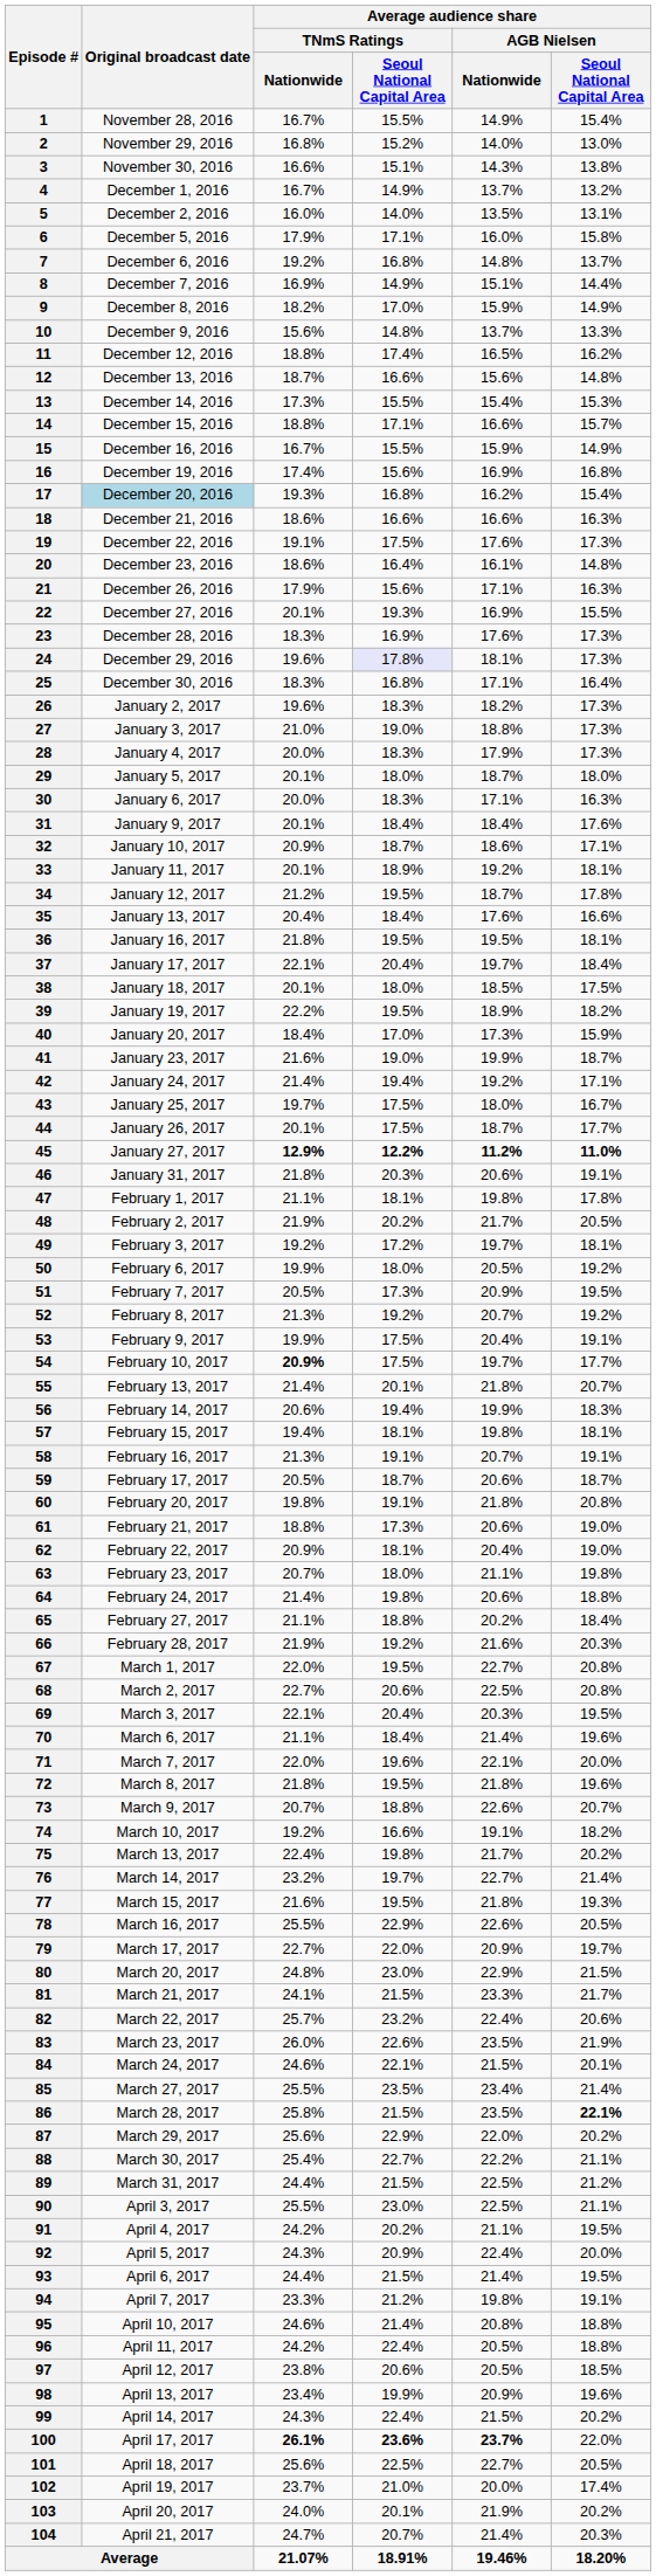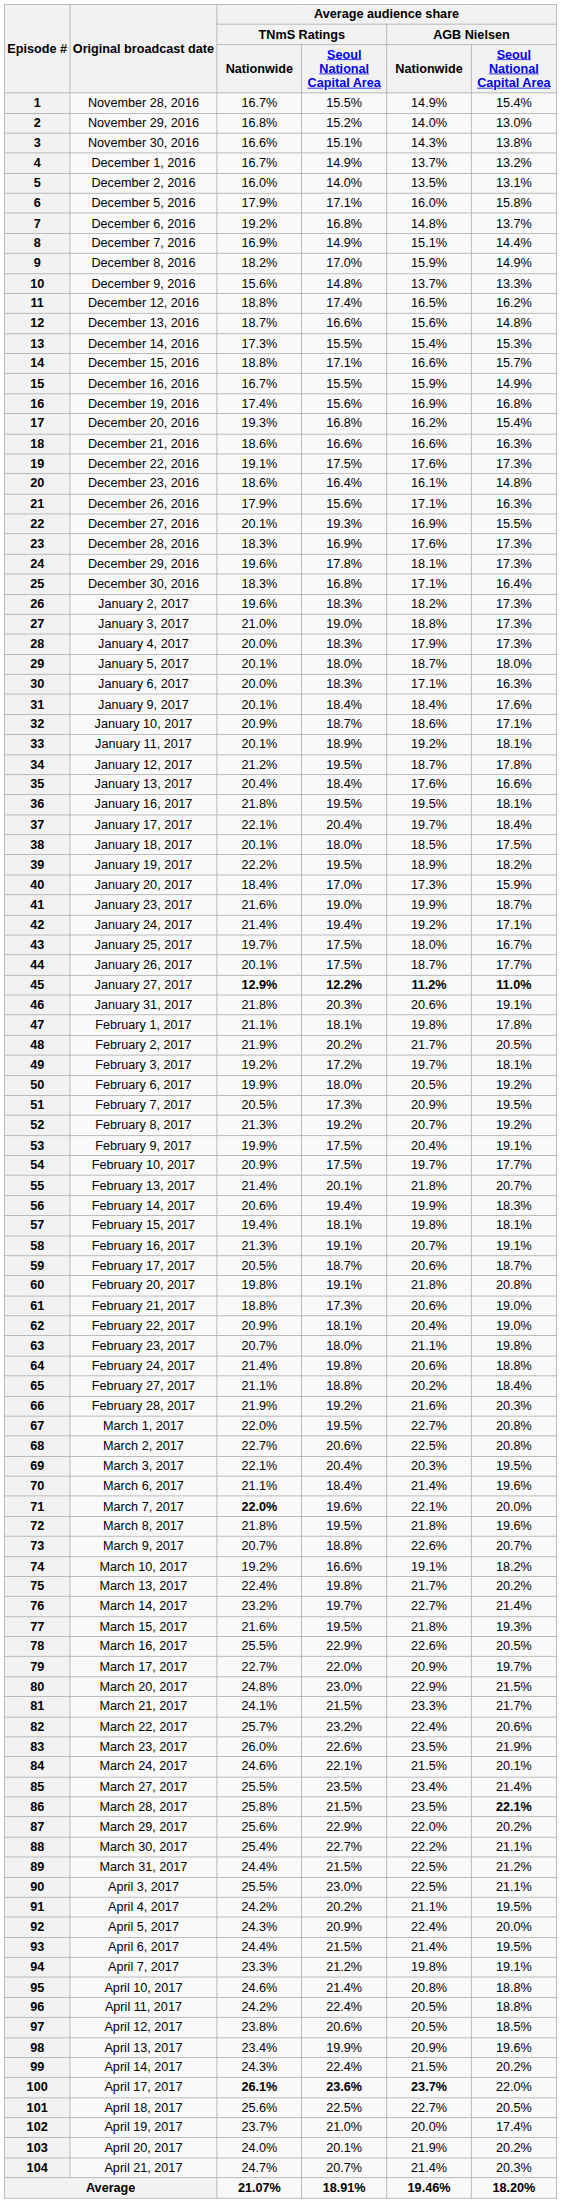 <table class="wikitable" style="text-align:center">
 <tr>
 <th rowspan="3">Episode #</th>
 <th rowspan="3">Original broadcast date</th>
 <th colspan="4">Average audience share</th>
 </tr>
 <tr>
 <th colspan="2">TNmS Ratings</th>
 <th colspan="2">AGB Nielsen</th>
 </tr>
 <tr>
 <th width=100>Nationwide</th>
 <th width=100><a href='#'>Seoul National Capital Area</a></th>
 <th width=100>Nationwide</th>
 <th width=100><a href='#'>Seoul National Capital Area</a></th>
 </tr>
 <tr>
 <th>1</th>
 <td>November 28, 2016</td>
 <td>16.7%</td>
 <td>15.5%</td>
 <td>14.9%</td>
 <td>15.4%</td>
 </tr>
 <tr>
 <th>2</th>
 <td>November 29, 2016</td>
 <td>16.8%</td>
 <td>15.2%</td>
 <td>14.0%</td>
 <td>13.0%</td>
 </tr>
 <tr>
 <th>3</th>
 <td>November 30, 2016</td>
 <td>16.6%</td>
 <td>15.1%</td>
 <td>14.3%</td>
 <td>13.8%</td>
 </tr>
 <tr>
 <th>4</th>
 <td>December 1, 2016</td>
 <td>16.7%</td>
 <td>14.9%</td>
 <td>13.7%</td>
 <td>13.2%</td>
 </tr>
 <tr>
 <th>5</th>
 <td>December 2, 2016</td>
 <td>16.0%</td>
 <td>14.0%</td>
 <td>13.5%</td>
 <td>13.1%</td>
 </tr>
 <tr>
 <th>6</th>
 <td>December 5, 2016</td>
 <td>17.9%</td>
 <td>17.1%</td>
 <td>16.0%</td>
 <td>15.8%</td>
 </tr>
 <tr>
 <th>7</th>
 <td>December 6, 2016</td>
 <td>19.2%</td>
 <td>16.8%</td>
 <td>14.8%</td>
 <td>13.7%</td>
 </tr>
 <tr>
 <th>8</th>
 <td>December 7, 2016</td>
 <td>16.9%</td>
 <td>14.9%</td>
 <td>15.1%</td>
 <td>14.4%</td>
 </tr>
 <tr>
 <th>9</th>
 <td>December 8, 2016</td>
 <td>18.2%</td>
 <td>17.0%</td>
 <td>15.9%</td>
 <td>14.9%</td>
 </tr>
 <tr>
 <th>10</th>
 <td>December 9, 2016</td>
 <td>15.6%</td>
 <td>14.8%</td>
 <td>13.7%</td>
 <td>13.3%</td>
 </tr>
 <tr>
 <th>11</th>
 <td>December 12, 2016</td>
 <td>18.8%</td>
 <td>17.4%</td>
 <td>16.5%</td>
 <td>16.2%</td>
 </tr>
 <tr>
 <th>12</th>
 <td>December 13, 2016</td>
 <td>18.7%</td>
 <td>16.6%</td>
 <td>15.6%</td>
 <td>14.8%</td>
 </tr>
 <tr>
 <th>13</th>
 <td>December 14, 2016</td>
 <td>17.3%</td>
 <td>15.5%</td>
 <td>15.4%</td>
 <td>15.3%</td>
 </tr>
 <tr>
 <th>14</th>
 <td>December 15, 2016</td>
 <td>18.8%</td>
 <td>17.1%</td>
 <td>16.6%</td>
 <td>15.7%</td>
 </tr>
 <tr>
 <th>15</th>
 <td>December 16, 2016</td>
 <td>16.7%</td>
 <td>15.5%</td>
 <td>15.9%</td>
 <td>14.9%</td>
 </tr>
 <tr>
 <th>16</th>
 <td>December 19, 2016</td>
 <td>17.4%</td>
 <td>15.6%</td>
 <td>16.9%</td>
 <td>16.8%</td>
 </tr>
 <tr>
 <th>17</th>
-<td style="background: lightblue;">December 20, 2016</td>
+<td>December 20, 2016</td>
 <td>19.3%</td>
 <td>16.8%</td>
 <td>16.2%</td>
 <td>15.4%</td>
 </tr>
 <tr>
 <th>18</th>
 <td>December 21, 2016</td>
 <td>18.6%</td>
 <td>16.6%</td>
 <td>16.6%</td>
 <td>16.3%</td>
 </tr>
 <tr>
 <th>19</th>
 <td>December 22, 2016</td>
 <td>19.1%</td>
 <td>17.5%</td>
 <td>17.6%</td>
 <td>17.3%</td>
 </tr>
 <tr>
 <th>20</th>
 <td>December 23, 2016</td>
 <td>18.6%</td>
 <td>16.4%</td>
 <td>16.1%</td>
 <td>14.8%</td>
 </tr>
 <tr>
 <th>21</th>
 <td>December 26, 2016</td>
 <td>17.9%</td>
 <td>15.6%</td>
 <td>17.1%</td>
 <td>16.3%</td>
 </tr>
 <tr>
 <th>22</th>
 <td>December 27, 2016</td>
 <td>20.1%</td>
 <td>19.3%</td>
 <td>16.9%</td>
 <td>15.5%</td>
 </tr>
 <tr>
 <th>23</th>
 <td>December 28, 2016</td>
 <td>18.3%</td>
 <td>16.9%</td>
 <td>17.6%</td>
 <td>17.3%</td>
 </tr>
 <tr>
 <th>24</th>
 <td>December 29, 2016</td>
 <td>19.6%</td>
-<td style="background: lavender;">17.8%</td>
+<td>17.8%</td>
 <td>18.1%</td>
 <td>17.3%</td>
 </tr>
 <tr>
 <th>25</th>
 <td>December 30, 2016</td>
 <td>18.3%</td>
 <td>16.8%</td>
 <td>17.1%</td>
 <td>16.4%</td>
 </tr>
 <tr>
 <th>26</th>
 <td>January 2, 2017</td>
 <td>19.6%</td>
 <td>18.3%</td>
 <td>18.2%</td>
 <td>17.3%</td>
 </tr>
 <tr>
 <th>27</th>
 <td>January 3, 2017</td>
 <td>21.0%</td>
 <td>19.0%</td>
 <td>18.8%</td>
 <td>17.3%</td>
 </tr>
 <tr>
 <th>28</th>
 <td>January 4, 2017</td>
 <td>20.0%</td>
 <td>18.3%</td>
 <td>17.9%</td>
 <td>17.3%</td>
 </tr>
 <tr>
 <th>29</th>
 <td>January 5, 2017</td>
 <td>20.1%</td>
 <td>18.0%</td>
 <td>18.7%</td>
 <td>18.0%</td>
 </tr>
 <tr>
 <th>30</th>
 <td>January 6, 2017</td>
 <td>20.0%</td>
 <td>18.3%</td>
 <td>17.1%</td>
 <td>16.3%</td>
 </tr>
 <tr>
 <th>31</th>
 <td>January 9, 2017</td>
 <td>20.1%</td>
 <td>18.4%</td>
 <td>18.4%</td>
 <td>17.6%</td>
 </tr>
 <tr>
 <th>32</th>
 <td>January 10, 2017</td>
 <td>20.9%</td>
 <td>18.7%</td>
 <td>18.6%</td>
 <td>17.1%</td>
 </tr>
 <tr>
 <th>33</th>
 <td>January 11, 2017</td>
 <td>20.1%</td>
 <td>18.9%</td>
 <td>19.2%</td>
 <td>18.1%</td>
 </tr>
 <tr>
 <th>34</th>
 <td>January 12, 2017</td>
 <td>21.2%</td>
 <td>19.5%</td>
 <td>18.7%</td>
 <td>17.8%</td>
 </tr>
 <tr>
 <th>35</th>
 <td>January 13, 2017</td>
 <td>20.4%</td>
 <td>18.4%</td>
 <td>17.6%</td>
 <td>16.6%</td>
 </tr>
 <tr>
 <th>36</th>
 <td>January 16, 2017</td>
 <td>21.8%</td>
 <td>19.5%</td>
 <td>19.5%</td>
 <td>18.1%</td>
 </tr>
 <tr>
 <th>37</th>
 <td>January 17, 2017</td>
 <td>22.1%</td>
 <td>20.4%</td>
 <td>19.7%</td>
 <td>18.4%</td>
 </tr>
 <tr>
 <th>38</th>
 <td>January 18, 2017</td>
 <td>20.1%</td>
 <td>18.0%</td>
 <td>18.5%</td>
 <td>17.5%</td>
 </tr>
 <tr>
 <th>39</th>
 <td>January 19, 2017</td>
 <td>22.2%</td>
 <td>19.5%</td>
 <td>18.9%</td>
 <td>18.2%</td>
 </tr>
 <tr>
 <th>40</th>
 <td>January 20, 2017</td>
 <td>18.4%</td>
 <td>17.0%</td>
 <td>17.3%</td>
 <td>15.9%</td>
 </tr>
 <tr>
 <th>41</th>
 <td>January 23, 2017</td>
 <td>21.6%</td>
 <td>19.0%</td>
 <td>19.9%</td>
 <td>18.7%</td>
 </tr>
 <tr>
 <th>42</th>
 <td>January 24, 2017</td>
 <td>21.4%</td>
 <td>19.4%</td>
 <td>19.2%</td>
 <td>17.1%</td>
 </tr>
 <tr>
 <th>43</th>
 <td>January 25, 2017</td>
 <td>19.7%</td>
 <td>17.5%</td>
 <td>18.0%</td>
 <td>16.7%</td>
 </tr>
 <tr>
 <th>44</th>
 <td>January 26, 2017</td>
 <td>20.1%</td>
 <td>17.5%</td>
 <td>18.7%</td>
 <td>17.7%</td>
 </tr>
 <tr>
 <th>45</th>
 <td>January 27, 2017</td>
 <td><span><strong>12.9%</strong></span></td>
 <td><span><strong>12.2%</strong></span></td>
 <td><span><strong>11.2%</strong></span></td>
 <td><span><strong>11.0%</strong></span></td>
 </tr>
 <tr>
 <th>46</th>
 <td>January 31, 2017</td>
 <td>21.8%</td>
 <td>20.3%</td>
 <td>20.6%</td>
 <td>19.1%</td>
 </tr>
 <tr>
 <th>47</th>
 <td>February 1, 2017</td>
 <td>21.1%</td>
 <td>18.1%</td>
 <td>19.8%</td>
 <td>17.8%</td>
 </tr>
 <tr>
 <th>48</th>
 <td>February 2, 2017</td>
 <td>21.9%</td>
 <td>20.2%</td>
 <td>21.7%</td>
 <td>20.5%</td>
 </tr>
 <tr>
 <th>49</th>
 <td>February 3, 2017</td>
 <td>19.2%</td>
 <td>17.2%</td>
 <td>19.7%</td>
 <td>18.1%</td>
 </tr>
 <tr>
 <th>50</th>
 <td>February 6, 2017</td>
 <td>19.9%</td>
 <td>18.0%</td>
 <td>20.5%</td>
 <td>19.2%</td>
 </tr>
 <tr>
 <th>51</th>
 <td>February 7, 2017</td>
 <td>20.5%</td>
 <td>17.3%</td>
 <td>20.9%</td>
 <td>19.5%</td>
 </tr>
 <tr>
 <th>52</th>
 <td>February 8, 2017</td>
 <td>21.3%</td>
 <td>19.2%</td>
 <td>20.7%</td>
 <td>19.2%</td>
 </tr>
 <tr>
 <th>53</th>
 <td>February 9, 2017</td>
 <td>19.9%</td>
 <td>17.5%</td>
 <td>20.4%</td>
 <td>19.1%</td>
 </tr>
 <tr>
 <th>54</th>
 <td>February 10, 2017</td>
-<td><strong>20.9%</strong></td>
+<td>20.9%</td>
 <td>17.5%</td>
 <td>19.7%</td>
 <td>17.7%</td>
 </tr>
 <tr>
 <th>55</th>
 <td>February 13, 2017</td>
 <td>21.4%</td>
 <td>20.1%</td>
 <td>21.8%</td>
 <td>20.7%</td>
 </tr>
 <tr>
 <th>56</th>
 <td>February 14, 2017</td>
 <td>20.6%</td>
 <td>19.4%</td>
 <td>19.9%</td>
 <td>18.3%</td>
 </tr>
 <tr>
 <th>57</th>
 <td>February 15, 2017</td>
 <td>19.4%</td>
 <td>18.1%</td>
 <td>19.8%</td>
 <td>18.1%</td>
 </tr>
 <tr>
 <th>58</th>
 <td>February 16, 2017</td>
 <td>21.3%</td>
 <td>19.1%</td>
 <td>20.7%</td>
 <td>19.1%</td>
 </tr>
 <tr>
 <th>59</th>
 <td>February 17, 2017</td>
 <td>20.5%</td>
 <td>18.7%</td>
 <td>20.6%</td>
 <td>18.7%</td>
 </tr>
 <tr>
 <th>60</th>
 <td>February 20, 2017</td>
 <td>19.8%</td>
 <td>19.1%</td>
 <td>21.8%</td>
 <td>20.8%</td>
 </tr>
 <tr>
 <th>61</th>
 <td>February 21, 2017</td>
 <td>18.8%</td>
 <td>17.3%</td>
 <td>20.6%</td>
 <td>19.0%</td>
 </tr>
 <tr>
 <th>62</th>
 <td>February 22, 2017</td>
 <td>20.9%</td>
 <td>18.1%</td>
 <td>20.4%</td>
 <td>19.0%</td>
 </tr>
 <tr>
 <th>63</th>
 <td>February 23, 2017</td>
 <td>20.7%</td>
 <td>18.0%</td>
 <td>21.1%</td>
 <td>19.8%</td>
 </tr>
 <tr>
 <th>64</th>
 <td>February 24, 2017</td>
 <td>21.4%</td>
 <td>19.8%</td>
 <td>20.6%</td>
 <td>18.8%</td>
 </tr>
 <tr>
 <th>65</th>
 <td>February 27, 2017</td>
 <td>21.1%</td>
 <td>18.8%</td>
 <td>20.2%</td>
 <td>18.4%</td>
 </tr>
 <tr>
 <th>66</th>
 <td>February 28, 2017</td>
 <td>21.9%</td>
 <td>19.2%</td>
 <td>21.6%</td>
 <td>20.3%</td>
 </tr>
 <tr>
 <th>67</th>
 <td>March 1, 2017</td>
 <td>22.0%</td>
 <td>19.5%</td>
 <td>22.7%</td>
 <td>20.8%</td>
 </tr>
 <tr>
 <th>68</th>
 <td>March 2, 2017</td>
 <td>22.7%</td>
 <td>20.6%</td>
 <td>22.5%</td>
 <td>20.8%</td>
 </tr>
 <tr>
 <th>69</th>
 <td>March 3, 2017</td>
 <td>22.1%</td>
 <td>20.4%</td>
 <td>20.3%</td>
 <td>19.5%</td>
 </tr>
 <tr>
 <th>70</th>
 <td>March 6, 2017</td>
 <td>21.1%</td>
 <td>18.4%</td>
 <td>21.4%</td>
 <td>19.6%</td>
 </tr>
 <tr>
 <th>71</th>
 <td>March 7, 2017</td>
-<td>22.0%</td>
+<td><strong>22.0%</strong></td>
 <td>19.6%</td>
 <td>22.1%</td>
 <td>20.0%</td>
 </tr>
 <tr>
 <th>72</th>
 <td>March 8, 2017</td>
 <td>21.8%</td>
 <td>19.5%</td>
 <td>21.8%</td>
 <td>19.6%</td>
 </tr>
 <tr>
 <th>73</th>
 <td>March 9, 2017</td>
 <td>20.7%</td>
 <td>18.8%</td>
 <td>22.6%</td>
 <td>20.7%</td>
 </tr>
 <tr>
 <th>74</th>
 <td>March 10, 2017</td>
 <td>19.2%</td>
 <td>16.6%</td>
 <td>19.1%</td>
 <td>18.2%</td>
 </tr>
 <tr>
 <th>75</th>
 <td>March 13, 2017</td>
 <td>22.4%</td>
 <td>19.8%</td>
 <td>21.7%</td>
 <td>20.2%</td>
 </tr>
 <tr>
 <th>76</th>
 <td>March 14, 2017</td>
 <td>23.2%</td>
 <td>19.7%</td>
 <td>22.7%</td>
 <td>21.4%</td>
 </tr>
 <tr>
 <th>77</th>
 <td>March 15, 2017</td>
 <td>21.6%</td>
 <td>19.5%</td>
 <td>21.8%</td>
 <td>19.3%</td>
 </tr>
 <tr>
 <th>78</th>
 <td>March 16, 2017</td>
 <td>25.5%</td>
 <td>22.9%</td>
 <td>22.6%</td>
 <td>20.5%</td>
 </tr>
 <tr>
 <th>79</th>
 <td>March 17, 2017</td>
 <td>22.7%</td>
 <td>22.0%</td>
 <td>20.9%</td>
 <td>19.7%</td>
 </tr>
 <tr>
 <th>80</th>
 <td>March 20, 2017</td>
 <td>24.8%</td>
 <td>23.0%</td>
 <td>22.9%</td>
 <td>21.5%</td>
 </tr>
 <tr>
 <th>81</th>
 <td>March 21, 2017</td>
 <td>24.1%</td>
 <td>21.5%</td>
 <td>23.3%</td>
 <td>21.7%</td>
 </tr>
 <tr>
 <th>82</th>
 <td>March 22, 2017</td>
 <td>25.7%</td>
 <td>23.2%</td>
 <td>22.4%</td>
 <td>20.6%</td>
 </tr>
 <tr>
 <th>83</th>
 <td>March 23, 2017</td>
 <td>26.0%</td>
 <td>22.6%</td>
 <td>23.5%</td>
 <td>21.9%</td>
 </tr>
 <tr>
 <th>84</th>
 <td>March 24, 2017</td>
 <td>24.6%</td>
 <td>22.1%</td>
 <td>21.5%</td>
 <td>20.1%</td>
 </tr>
 <tr>
 <th>85</th>
 <td>March 27, 2017</td>
 <td>25.5%</td>
 <td>23.5%</td>
 <td>23.4%</td>
 <td>21.4%</td>
 </tr>
 <tr>
 <th>86</th>
 <td>March 28, 2017</td>
 <td>25.8%</td>
 <td>21.5%</td>
 <td>23.5%</td>
 <td><span><strong>22.1%</strong></span></td>
 </tr>
 <tr>
 <th>87</th>
 <td>March 29, 2017</td>
 <td>25.6%</td>
 <td>22.9%</td>
 <td>22.0%</td>
 <td>20.2%</td>
 </tr>
 <tr>
 <th>88</th>
 <td>March 30, 2017</td>
 <td>25.4%</td>
 <td>22.7%</td>
 <td>22.2%</td>
 <td>21.1%</td>
 </tr>
 <tr>
 <th>89</th>
 <td>March 31, 2017</td>
 <td>24.4%</td>
 <td>21.5%</td>
 <td>22.5%</td>
 <td>21.2%</td>
 </tr>
 <tr>
 <th>90</th>
 <td>April 3, 2017</td>
 <td>25.5%</td>
 <td>23.0%</td>
 <td>22.5%</td>
 <td>21.1%</td>
 </tr>
 <tr>
 <th>91</th>
 <td>April 4, 2017</td>
 <td>24.2%</td>
 <td>20.2%</td>
 <td>21.1%</td>
 <td>19.5%</td>
 </tr>
 <tr>
 <th>92</th>
 <td>April 5, 2017</td>
 <td>24.3%</td>
 <td>20.9%</td>
 <td>22.4%</td>
 <td>20.0%</td>
 </tr>
 <tr>
 <th>93</th>
 <td>April 6, 2017</td>
 <td>24.4%</td>
 <td>21.5%</td>
 <td>21.4%</td>
 <td>19.5%</td>
 </tr>
 <tr>
 <th>94</th>
 <td>April 7, 2017</td>
 <td>23.3%</td>
 <td>21.2%</td>
 <td>19.8%</td>
 <td>19.1%</td>
 </tr>
 <tr>
 <th>95</th>
 <td>April 10, 2017</td>
 <td>24.6%</td>
 <td>21.4%</td>
 <td>20.8%</td>
 <td>18.8%</td>
 </tr>
 <tr>
 <th>96</th>
 <td>April 11, 2017</td>
 <td>24.2%</td>
 <td>22.4%</td>
 <td>20.5%</td>
 <td>18.8%</td>
 </tr>
 <tr>
 <th>97</th>
 <td>April 12, 2017</td>
 <td>23.8%</td>
 <td>20.6%</td>
 <td>20.5%</td>
 <td>18.5%</td>
 </tr>
 <tr>
 <th>98</th>
 <td>April 13, 2017</td>
 <td>23.4%</td>
 <td>19.9%</td>
 <td>20.9%</td>
 <td>19.6%</td>
 </tr>
 <tr>
 <th>99</th>
 <td>April 14, 2017</td>
 <td>24.3%</td>
 <td>22.4%</td>
 <td>21.5%</td>
 <td>20.2%</td>
 </tr>
 <tr>
 <th>100</th>
 <td>April 17, 2017</td>
 <td><span><strong>26.1%</strong></span></td>
 <td><span><strong>23.6%</strong></span></td>
 <td><span><strong>23.7%</strong></span></td>
 <td>22.0%</td>
 </tr>
 <tr>
 <th>101</th>
 <td>April 18, 2017</td>
 <td>25.6%</td>
 <td>22.5%</td>
 <td>22.7%</td>
 <td>20.5%</td>
 </tr>
 <tr>
 <th>102</th>
 <td>April 19, 2017</td>
 <td>23.7%</td>
 <td>21.0%</td>
 <td>20.0%</td>
 <td>17.4%</td>
 </tr>
 <tr>
 <th>103</th>
 <td>April 20, 2017</td>
 <td>24.0%</td>
 <td>20.1%</td>
 <td>21.9%</td>
 <td>20.2%</td>
 </tr>
 <tr>
 <th>104</th>
 <td>April 21, 2017</td>
 <td>24.7%</td>
 <td>20.7%</td>
 <td>21.4%</td>
 <td>20.3%</td>
 </tr>
 <tr>
 <th colspan="2">Average</th>
 <td><strong><span>21.07%</span></strong></td>
 <td><strong><span>18.91%</span></strong></td>
 <td><strong><span>19.46%</span></strong></td>
 <td><strong><span>18.20%</span></strong></td>
 </tr>
 </table>
